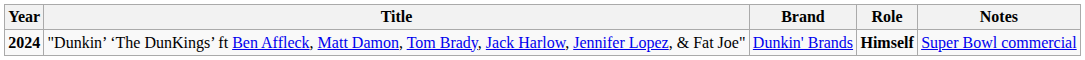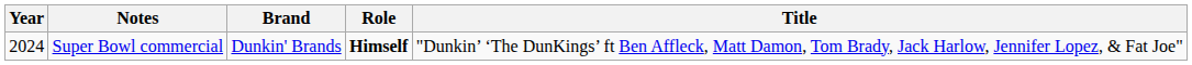 <table class="wikitable">
 <tr>
 <th>Year</th>
-<th>Title</th>
+<th>Notes</th>
 <th>Brand</th>
 <th>Role</th>
-<th>Notes</th>
+<th>Title</th>
 </tr>
 <tr>
-<td><strong>2024</strong></td>
-<td>"Dunkin’ ‘The DunKings’ ft <a href='#'>Ben Affleck</a>, <a href='#'>Matt Damon</a>, <a href='#'>Tom Brady</a>, <a href='#'>Jack Harlow</a>, <a href='#'>Jennifer Lopez</a>, & Fat Joe"</td>
+<td>2024</td>
+<td><a href='#'>Super Bowl commercial</a></td>
 <td><a href='#'>Dunkin' Brands</a></td>
 <td><strong>Himself</strong></td>
-<td><a href='#'>Super Bowl commercial</a></td>
+<td>"Dunkin’ ‘The DunKings’ ft <a href='#'>Ben Affleck</a>, <a href='#'>Matt Damon</a>, <a href='#'>Tom Brady</a>, <a href='#'>Jack Harlow</a>, <a href='#'>Jennifer Lopez</a>, & Fat Joe"</td>
 </tr>
 </table>
